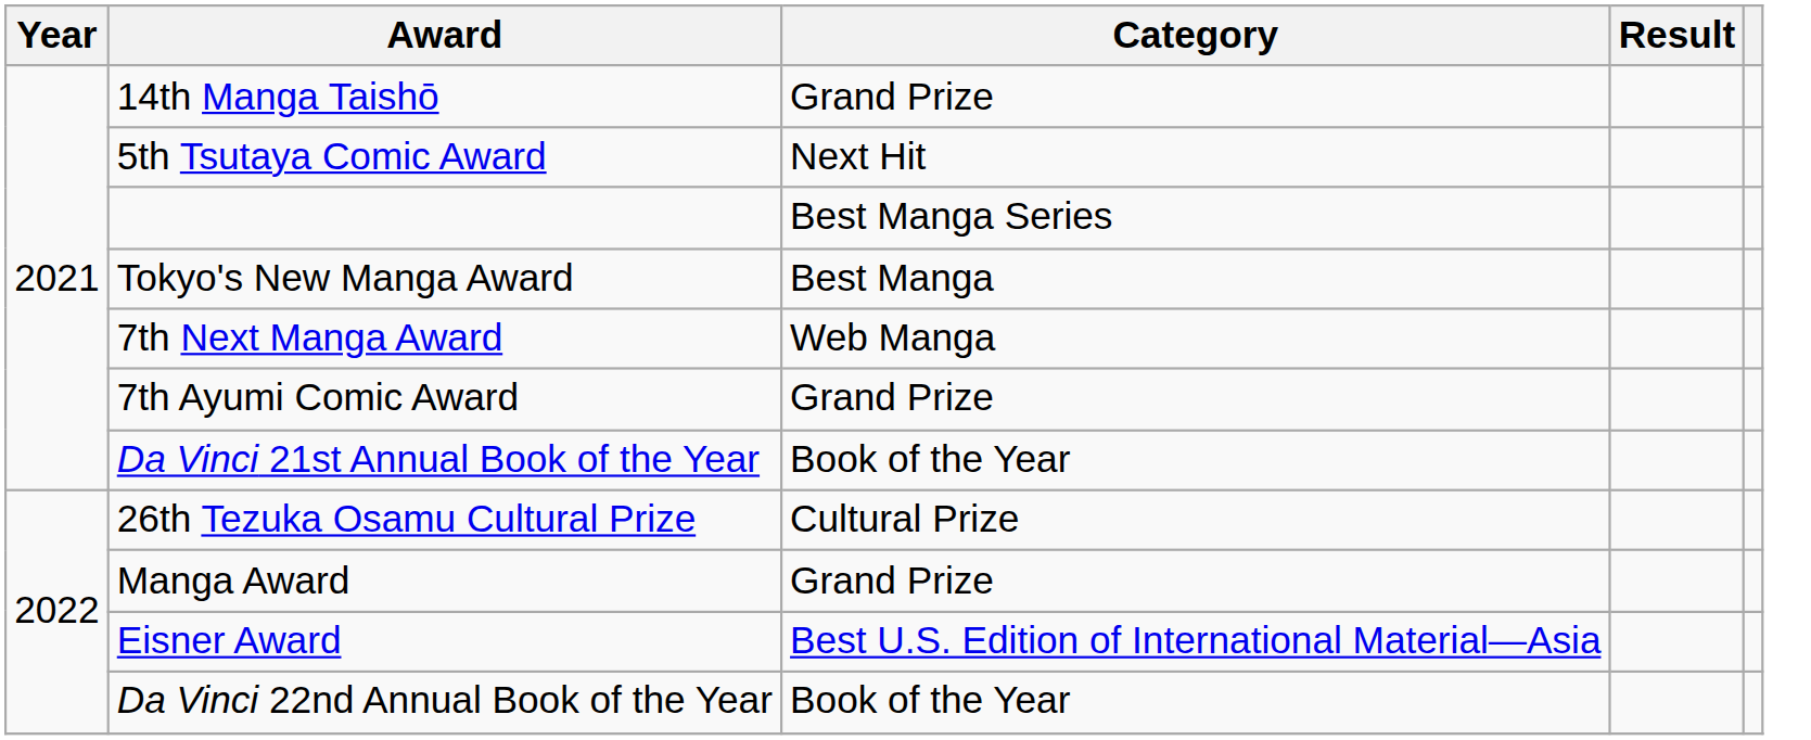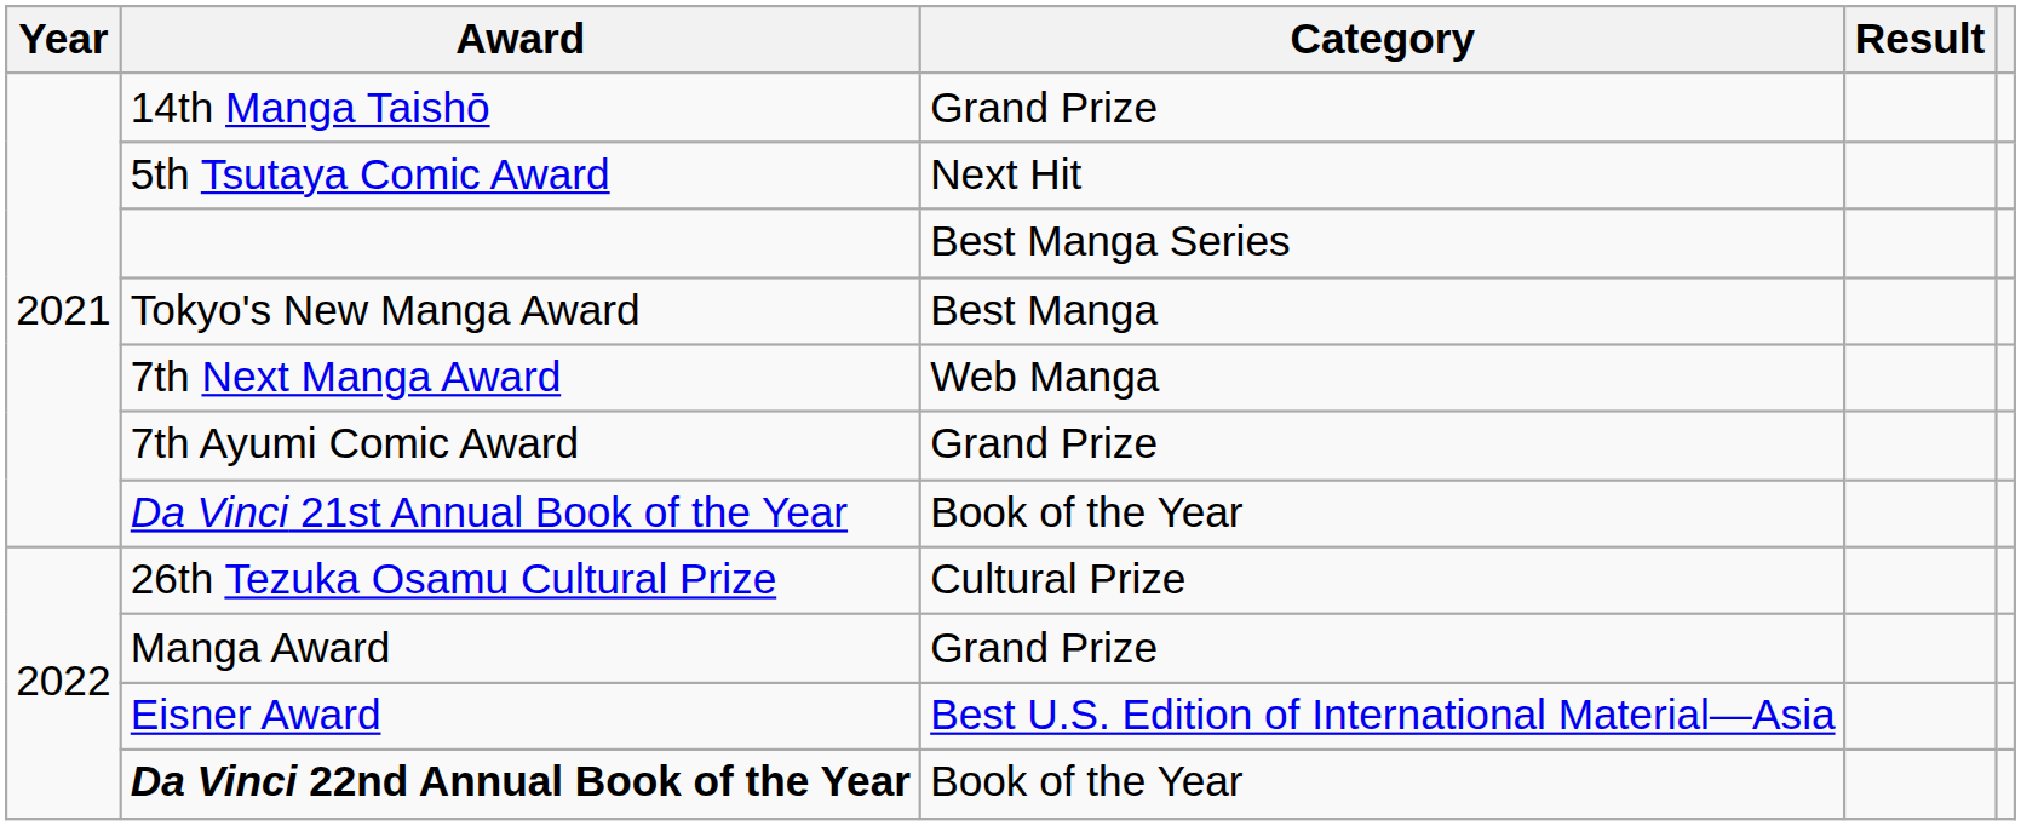 <table class="wikitable">
 <tr>
 <th scope="col">Year</th>
 <th scope="col">Award</th>
 <th scope="col">Category</th>
 <th scope="col">Result</th>
 <th scope="col"></th>
 </tr>
 <tr>
 <td rowspan="7" align="center">2021</td>
 <td>14th <a href='#'>Manga Taishō</a></td>
 <td>Grand Prize</td>
 <td></td>
 <td style="text-align:center;"></td>
 </tr>
 <tr>
 <td>5th <a href='#'>Tsutaya Comic Award</a></td>
 <td>Next Hit</td>
 <td></td>
 <td style="text-align:center;"></td>
 </tr>
 <tr>
 <td></td>
 <td>Best Manga Series</td>
 <td></td>
 <td style="text-align:center;"></td>
 </tr>
 <tr>
 <td>Tokyo's New Manga Award</td>
 <td>Best Manga</td>
 <td></td>
 <td style="text-align:center;"></td>
 </tr>
 <tr>
 <td>7th <a href='#'>Next Manga Award</a></td>
 <td>Web Manga</td>
 <td></td>
 <td style="text-align:center;"></td>
 </tr>
 <tr>
 <td>7th Ayumi Comic Award</td>
 <td>Grand Prize</td>
 <td></td>
 <td style="text-align:center;"></td>
 </tr>
 <tr>
 <td><a href='#'><em>Da Vinci</em> 21st Annual Book of the Year</a></td>
 <td>Book of the Year</td>
 <td></td>
 <td style="text-align:center;"></td>
 </tr>
 <tr>
 <td rowspan="4" align="center">2022</td>
 <td>26th <a href='#'>Tezuka Osamu Cultural Prize</a></td>
 <td>Cultural Prize</td>
 <td></td>
 <td style="text-align:center;"></td>
 </tr>
 <tr>
 <td> Manga Award</td>
 <td>Grand Prize</td>
 <td></td>
 <td style="text-align:center;"></td>
 </tr>
 <tr>
 <td><a href='#'>Eisner Award</a></td>
 <td><a href='#'>Best U.S. Edition of International Material—Asia</a></td>
 <td></td>
 <td style="text-align:center;"></td>
 </tr>
 <tr>
-<td><em>Da Vinci</em> 22nd Annual Book of the Year</td>
+<td><strong><em>Da Vinci</em> 22nd Annual Book of the Year</strong></td>
 <td>Book of the Year</td>
 <td></td>
 <td style="text-align:center;"></td>
 </tr>
 <tr>
 </tr>
 </table>
